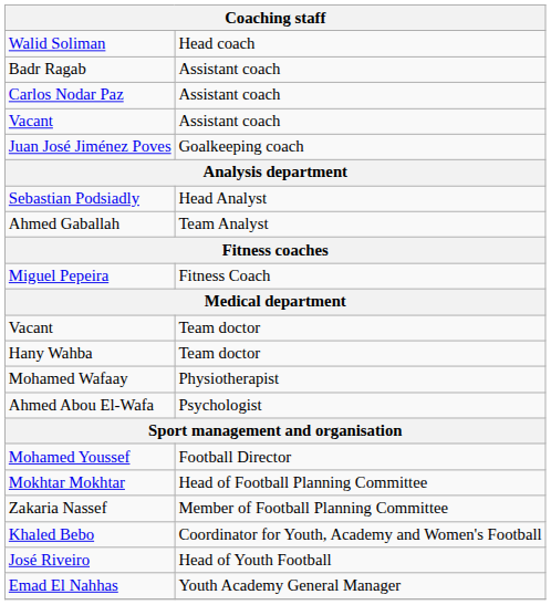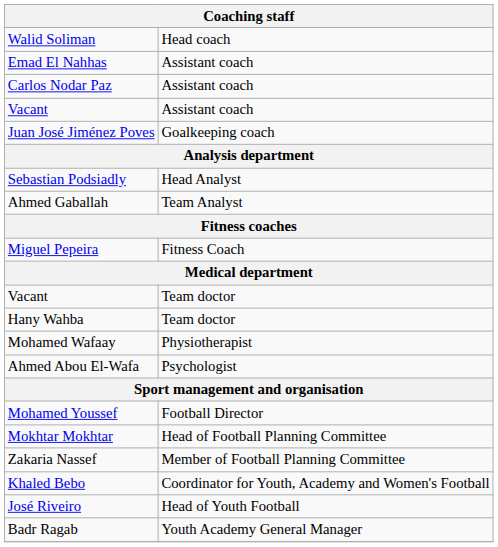 <table class="wikitable">
 <tr>
 <th colspan="2">Coaching staff</th>
 </tr>
 <tr>
 <td> <a href='#'>Walid Soliman</a></td>
 <td>Head coach</td>
 </tr>
 <tr>
-<td> Badr Ragab</td>
+<td> <a href='#'>Emad El Nahhas</a></td>
 <td>Assistant coach</td>
 </tr>
 <tr>
 <td> <a href='#'>Carlos Nodar Paz</a></td>
 <td>Assistant coach</td>
 </tr>
 <tr>
 <td> <a href='#'>Vacant</a></td>
 <td>Assistant coach</td>
 </tr>
 <tr>
 <td> <a href='#'>Juan José Jiménez Poves</a></td>
 <td>Goalkeeping coach</td>
 </tr>
 <tr>
 <th colspan="2">Analysis department</th>
 </tr>
 <tr>
 <td> <a href='#'>Sebastian Podsiadly</a></td>
 <td>Head Analyst</td>
 </tr>
 <tr>
 <td> Ahmed Gaballah</td>
 <td>Team Analyst</td>
 </tr>
 <tr>
 <th colspan="2">Fitness coaches</th>
 </tr>
 <tr>
 <td> <a href='#'>Miguel Pepeira</a></td>
 <td>Fitness Coach</td>
 </tr>
 <tr>
 <th colspan="2">Medical department</th>
 </tr>
 <tr>
 <td> Vacant</td>
 <td>Team doctor</td>
 </tr>
 <tr>
 <td> Hany Wahba</td>
 <td>Team doctor</td>
 </tr>
 <tr>
 <td> Mohamed Wafaay</td>
 <td>Physiotherapist</td>
 </tr>
 <tr>
 <td> Ahmed Abou El-Wafa</td>
 <td>Psychologist</td>
 </tr>
 <tr>
 <th colspan="2">Sport management and organisation</th>
 </tr>
 <tr>
 <td> <a href='#'>Mohamed Youssef</a></td>
 <td>Football Director</td>
 </tr>
 <tr>
 <td> <a href='#'>Mokhtar Mokhtar</a></td>
 <td>Head of Football Planning Committee</td>
 </tr>
 <tr>
 <td> Zakaria Nassef</td>
 <td>Member of Football Planning Committee</td>
 </tr>
 <tr>
 <td> <a href='#'>Khaled Bebo</a></td>
 <td>Coordinator for Youth, Academy and Women's Football</td>
 </tr>
 <tr>
 <td> <a href='#'>José Riveiro</a></td>
 <td>Head of Youth Football</td>
 </tr>
 <tr>
-<td> <a href='#'>Emad El Nahhas</a></td>
+<td> Badr Ragab</td>
 <td>Youth Academy General Manager</td>
 </tr>
 <tr>
 </tr>
 </table>
